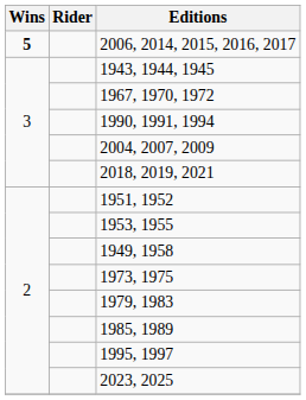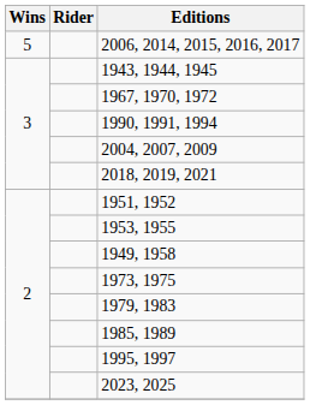 <table class="wikitable">
 <tr>
 <th>Wins</th>
 <th>Rider</th>
 <th>Editions</th>
 </tr>
 <tr>
-<td rowspan="1" align="center"><strong>5</strong></td>
+<td rowspan="1" align="center">5</td>
 <td></td>
 <td>2006, 2014, 2015, 2016, 2017</td>
 </tr>
 <tr>
 <td rowspan="5" align="center">3</td>
 <td></td>
 <td>1943, 1944, 1945</td>
 </tr>
 <tr>
 <td></td>
 <td>1967, 1970, 1972</td>
 </tr>
 <tr>
 <td></td>
 <td>1990, 1991, 1994</td>
 </tr>
 <tr>
 <td></td>
 <td>2004, 2007, 2009</td>
 </tr>
 <tr>
 <td></td>
 <td>2018, 2019, 2021</td>
 </tr>
 <tr>
 <td align=center rowspan=8>2</td>
 <td></td>
 <td>1951, 1952</td>
 </tr>
 <tr>
 <td></td>
 <td>1953, 1955</td>
 </tr>
 <tr>
 <td></td>
 <td>1949, 1958</td>
 </tr>
 <tr>
 <td></td>
 <td>1973, 1975</td>
 </tr>
 <tr>
 <td></td>
 <td>1979, 1983</td>
 </tr>
 <tr>
 <td></td>
 <td>1985, 1989</td>
 </tr>
 <tr>
 <td></td>
 <td>1995, 1997</td>
 </tr>
 <tr>
 <td></td>
 <td>2023, 2025</td>
 </tr>
 <tr>
 </tr>
 </table>
